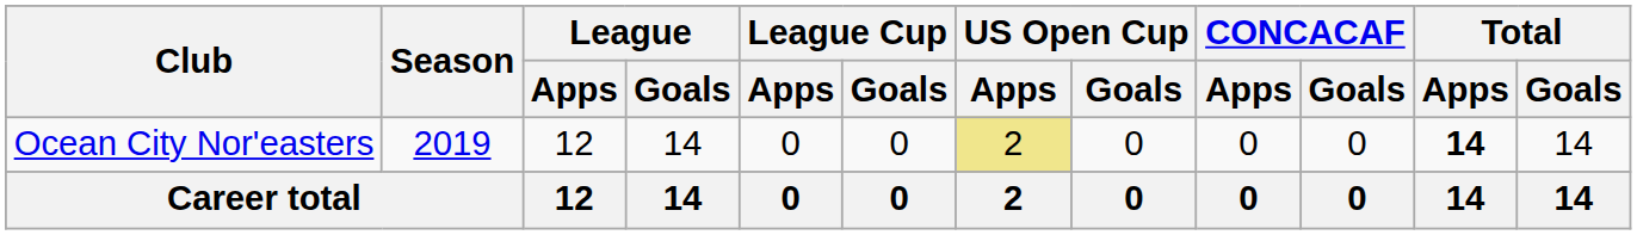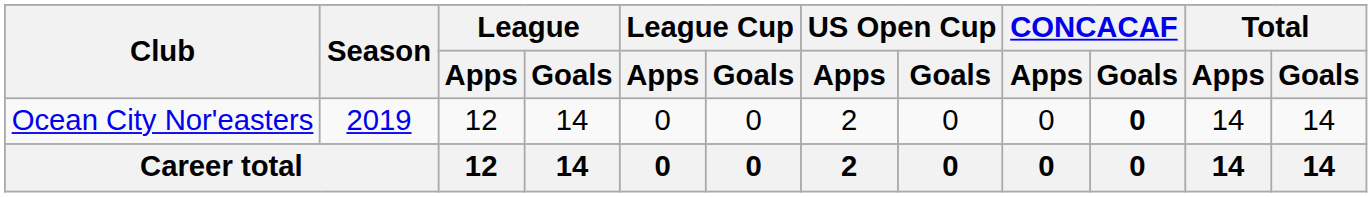 <table class="wikitable" style="text-align: center;">
 <tr>
 <th rowspan="2">Club</th>
 <th rowspan="2">Season</th>
 <th colspan="2">League</th>
 <th colspan="2">League Cup</th>
 <th colspan="2">US Open Cup</th>
 <th colspan="2"><a href='#'>CONCACAF</a></th>
 <th colspan="2">Total</th>
 </tr>
 <tr>
 <th>Apps</th>
 <th>Goals</th>
 <th>Apps</th>
 <th>Goals</th>
 <th>Apps</th>
 <th>Goals</th>
 <th>Apps</th>
 <th>Goals</th>
 <th>Apps</th>
 <th>Goals</th>
 </tr>
 <tr>
 <td rowspan="1"><a href='#'>Ocean City Nor'easters</a></td>
 <td><a href='#'>2019</a></td>
 <td>12</td>
 <td>14</td>
 <td>0</td>
 <td>0</td>
-<td style="background: khaki;">2</td>
+<td>2</td>
 <td>0</td>
 <td>0</td>
-<td>0</td>
-<td><strong>14</strong></td>
+<td><strong>0</strong></td>
+<td>14</td>
 <td>14</td>
 </tr>
 <tr>
 <th colspan="2">Career total</th>
 <th>12</th>
 <th>14</th>
 <th>0</th>
 <th>0</th>
 <th>2</th>
 <th>0</th>
 <th>0</th>
 <th>0</th>
 <th>14</th>
 <th>14</th>
 </tr>
 </table>
